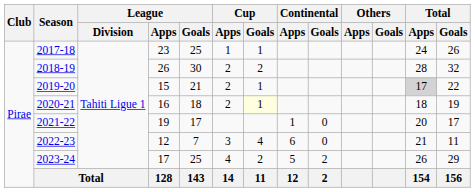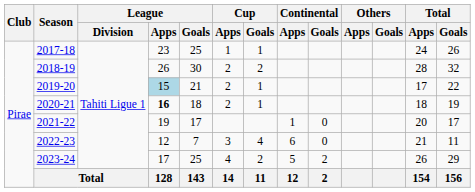 <table class="wikitable" style="text-align:center;">
 <tr>
 <th rowspan=2>Club</th>
 <th rowspan=2>Season</th>
 <th colspan=3>League</th>
 <th colspan=2>Cup</th>
 <th colspan=2>Continental</th>
 <th colspan=2>Others</th>
 <th colspan=2>Total</th>
 </tr>
 <tr>
 <th>Division</th>
 <th>Apps</th>
 <th>Goals</th>
 <th>Apps</th>
 <th>Goals</th>
 <th>Apps</th>
 <th>Goals</th>
 <th>Apps</th>
 <th>Goals</th>
 <th>Apps</th>
 <th>Goals</th>
 </tr>
 <tr>
 <td rowspan=8><a href='#'>Pirae</a></td>
 <td><a href='#'>2017-18</a></td>
 <td rowspan=7><a href='#'>Tahiti Ligue 1</a></td>
 <td>23</td>
 <td>25</td>
 <td>1</td>
 <td>1</td>
 <td></td>
 <td></td>
 <td></td>
 <td></td>
 <td>24</td>
 <td>26</td>
 </tr>
 <tr>
 <td><a href='#'>2018-19</a></td>
 <td>26</td>
 <td>30</td>
 <td>2</td>
 <td>2</td>
 <td></td>
 <td></td>
 <td></td>
 <td></td>
 <td>28</td>
 <td>32</td>
 </tr>
 <tr>
 <td><a href='#'>2019-20</a></td>
-<td>15</td>
+<td style="background: lightblue;">15</td>
 <td>21</td>
 <td>2</td>
 <td>1</td>
 <td></td>
 <td></td>
 <td></td>
 <td></td>
-<td style="background: lightgrey;">17</td>
+<td>17</td>
 <td>22</td>
 </tr>
 <tr>
 <td><a href='#'>2020-21</a></td>
-<td>16</td>
+<td><strong>16</strong></td>
 <td>18</td>
 <td>2</td>
-<td style="background: lightyellow;">1</td>
+<td>1</td>
 <td></td>
 <td></td>
 <td></td>
 <td></td>
 <td>18</td>
 <td>19</td>
 </tr>
 <tr>
 <td><a href='#'>2021-22</a></td>
 <td>19</td>
 <td>17</td>
 <td></td>
 <td></td>
 <td>1</td>
 <td>0</td>
 <td></td>
 <td></td>
 <td>20</td>
 <td>17</td>
 </tr>
 <tr>
 <td><a href='#'>2022-23</a></td>
 <td>12</td>
 <td>7</td>
 <td>3</td>
 <td>4</td>
 <td>6</td>
 <td>0</td>
 <td></td>
 <td></td>
 <td>21</td>
 <td>11</td>
 </tr>
 <tr>
 <td><a href='#'>2023-24</a></td>
 <td>17</td>
 <td>25</td>
 <td>4</td>
 <td>2</td>
 <td>5</td>
 <td>2</td>
 <td></td>
 <td></td>
 <td>26</td>
 <td>29</td>
 </tr>
 <tr>
 <th colspan=2>Total</th>
 <th>128</th>
 <th>143</th>
 <th>14</th>
 <th>11</th>
 <th>12</th>
 <th>2</th>
 <th></th>
 <th></th>
 <th>154</th>
 <th>156</th>
 </tr>
 </table>
